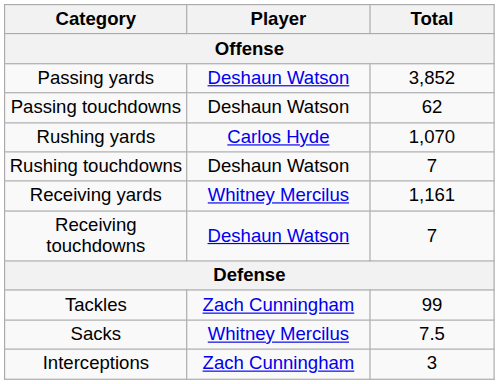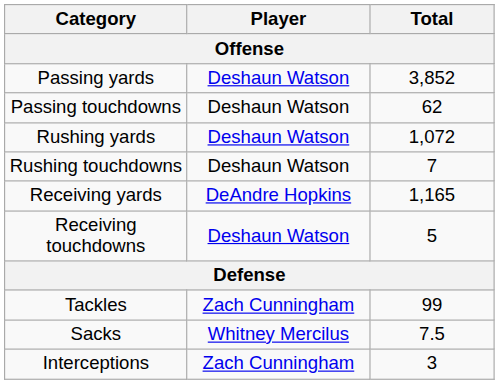 <table class="wikitable" style="text-align:center">
 <tr>
 <th width="150">Category</th>
 <th width="150">Player</th>
 <th width="100">Total</th>
 </tr>
 <tr>
 <th align="center" colspan="4">Offense</th>
 </tr>
 <tr>
 <td>Passing yards</td>
 <td><a href='#'>Deshaun Watson</a></td>
 <td>3,852</td>
 </tr>
 <tr>
 <td>Passing touchdowns</td>
 <td>Deshaun Watson</td>
 <td>62</td>
 </tr>
 <tr>
 <td>Rushing yards</td>
-<td><a href='#'>Carlos Hyde</a></td>
-<td>1,070</td>
+<td><a href='#'>Deshaun Watson</a></td>
+<td>1,072</td>
 </tr>
 <tr>
 <td>Rushing touchdowns</td>
 <td>Deshaun Watson</td>
 <td>7</td>
 </tr>
 <tr>
 <td>Receiving yards</td>
-<td><a href='#'>Whitney Mercilus</a></td>
-<td>1,161</td>
+<td><a href='#'>DeAndre Hopkins</a></td>
+<td>1,165</td>
 </tr>
 <tr>
 <td>Receiving touchdowns</td>
 <td><a href='#'>Deshaun Watson</a></td>
-<td>7</td>
+<td>5</td>
 </tr>
 <tr>
 <th align="center" colspan="4">Defense</th>
 </tr>
 <tr>
 <td>Tackles </td>
 <td><a href='#'>Zach Cunningham</a></td>
 <td>99</td>
 </tr>
 <tr>
 <td>Sacks</td>
 <td><a href='#'>Whitney Mercilus</a></td>
 <td>7.5</td>
 </tr>
 <tr>
 <td>Interceptions</td>
 <td><a href='#'>Zach Cunningham</a></td>
 <td>3</td>
 </tr>
 </table>
